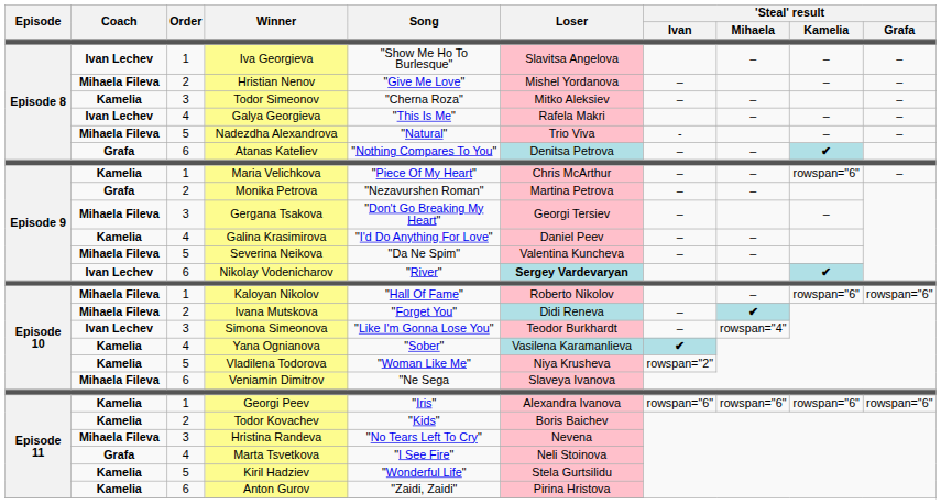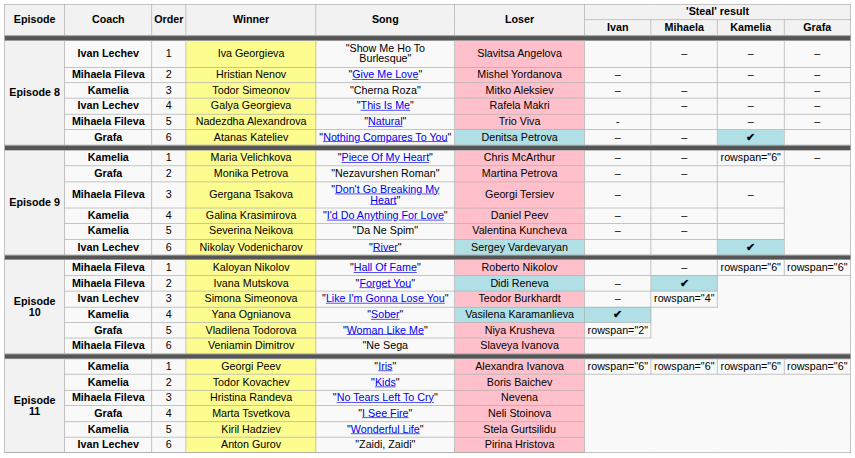 <table class="wikitable" style="text-align:center; line-height:16px; width:100%;">
 <tr>
 <th rowspan="2" style="width:07%;">Episode</th>
 <th rowspan="2" style="width:10%;">Coach</th>
 <th rowspan="2" style="width:02%;">Order</th>
 <th rowspan="2" style="width:15%;">Winner</th>
 <th rowspan="2" style="width:16%;">Song</th>
 <th rowspan="2" style="width:15%;">Loser</th>
 <th colspan="4" style="width:25%;">'Steal' result</th>
 </tr>
 <tr>
 <th style="width:06%;">Ivan</th>
 <th style="width:06%;">Mihaela</th>
 <th style="width:06%;">Kamelia</th>
 <th style="width:06%;">Grafa</th>
 </tr>
 <tr>
 <td colspan="10" style="background:#555;"></td>
 </tr>
 <tr>
 <th rowspan="6">Episode 8<br><small></small></th>
 <td><strong>Ivan Lechev</strong></td>
 <td>1</td>
 <td style="background:#FDFC8F;">Iva Georgieva</td>
 <td>"Show Me Ho To Burlesque"</td>
 <td bgcolor="pink">Slavitsa Angelova</td>
 <td></td>
 <td>–</td>
 <td>–</td>
 <td>–</td>
 </tr>
 <tr>
 <td><strong>Mihaela Fileva</strong></td>
 <td>2</td>
 <td style="background:#FDFC8F;">Hristian Nenov</td>
 <td>"<a href='#'>Give Me Love</a>"</td>
 <td bgcolor="pink">Mishel Yordanova</td>
 <td>–</td>
 <td></td>
 <td>–</td>
 <td>–</td>
 </tr>
 <tr>
 <td><strong>Kamelia</strong></td>
 <td>3</td>
 <td style="background:#FDFC8F;">Todor Simeonov</td>
 <td>"Cherna Roza"</td>
 <td bgcolor="pink">Mitko Aleksiev</td>
 <td>–</td>
 <td>–</td>
 <td></td>
 <td>–</td>
 </tr>
 <tr>
 <td><strong>Ivan Lechev</strong></td>
 <td>4</td>
 <td style="background:#FDFC8F;">Galya Georgieva</td>
 <td>"<a href='#'>This Is Me</a>"</td>
 <td bgcolor="pink">Rafela Makri</td>
 <td></td>
 <td>–</td>
 <td>–</td>
 <td>–</td>
 </tr>
 <tr>
 <td><strong>Mihaela Fileva</strong></td>
 <td>5</td>
 <td style="background:#FDFC8F;">Nadezdha Alexandrova</td>
 <td>"<a href='#'>Natural</a>"</td>
 <td bgcolor="pink">Trio Viva</td>
 <td>-</td>
 <td></td>
 <td>–</td>
 <td>–</td>
 </tr>
 <tr>
 <td><strong>Grafa</strong></td>
 <td>6</td>
 <td style="background:#FDFC8F;">Atanas Kateliev</td>
 <td>"<a href='#'>Nothing Compares To You</a>"</td>
 <td style="background: #b0e0e6;">Denitsa Petrova</td>
 <td>–</td>
 <td>–</td>
 <td style="background: #b0e0e6;"><strong>✔</strong></td>
 <td></td>
 </tr>
 <tr>
 <td colspan="10" style="background:#555;"></td>
 </tr>
 <tr>
 <th rowspan="6">Episode 9<br><small></small></th>
 <td><strong>Kamelia</strong></td>
 <td>1</td>
 <td style="background:#FDFC8F;">Maria Velichkova</td>
 <td>"<a href='#'>Piece Of My Heart</a>"</td>
 <td bgcolor=pink>Chris McArthur</td>
 <td>–</td>
 <td>–</td>
 <td>rowspan="6" </td>
 <td>–</td>
 </tr>
 <tr>
 <td><strong>Grafa</strong></td>
 <td>2</td>
 <td style="background:#FDFC8F;">Monika Petrova</td>
 <td>"Nezavurshen Roman"</td>
 <td bgcolor=pink>Martina Petrova</td>
 <td>–</td>
 <td>–</td>
 <td></td>
 </tr>
 <tr>
 <td><strong>Mihaela Fileva</strong></td>
 <td>3</td>
 <td style="background:#FDFC8F;">Gergana Tsakova</td>
 <td>"<a href='#'>Don't Go Breaking My Heart</a>"</td>
 <td bgcolor=pink>Georgi Tersiev</td>
 <td>–</td>
 <td></td>
 <td>–</td>
 </tr>
 <tr>
 <td><strong>Kamelia</strong></td>
 <td>4</td>
 <td style="background:#FDFC8F;">Galina Krasimirova</td>
 <td>"<a href='#'>I'd Do Anything For Love</a>"</td>
 <td bgcolor=pink>Daniel Peev</td>
 <td>–</td>
 <td>–</td>
 <td></td>
 </tr>
 <tr>
-<td><strong>Mihaela Fileva</strong></td>
+<td><strong>Kamelia</strong></td>
 <td>5</td>
 <td style="background:#FDFC8F;">Severina Neikova</td>
 <td>"Da Ne Spim"</td>
 <td bgcolor="pink">Valentina Kuncheva</td>
 <td>–</td>
 <td>–</td>
 <td></td>
 </tr>
 <tr>
 <td><strong>Ivan Lechev</strong></td>
 <td>6</td>
 <td style="background:#FDFC8F;">Nikolay Vodenicharov</td>
 <td>"<a href='#'>River</a>"</td>
-<td style="background: #b0e0e6;"><strong>Sergey Vardevaryan</strong></td>
+<td style="background: #b0e0e6;">Sergey Vardevaryan</td>
 <td></td>
 <td></td>
 <td style="background: #b0e0e6;"><strong>✔</strong></td>
 </tr>
 <tr>
 <td colspan="10" style="background:#555;"></td>
 </tr>
 <tr>
 <th rowspan="6">Episode 10<br><small></small></th>
 <td><strong>Mihaela Fileva</strong></td>
 <td>1</td>
 <td style="background:#FDFC8F;">Kaloyan Nikolov</td>
 <td>"<a href='#'>Hall Of Fame</a>"</td>
 <td bgcolor=pink>Roberto Nikolov</td>
 <td></td>
 <td>–</td>
 <td>rowspan="6" </td>
 <td>rowspan="6" </td>
 </tr>
 <tr>
 <td><strong>Mihaela Fileva</strong></td>
 <td>2</td>
 <td style="background:#FDFC8F;">Ivana Mutskova</td>
 <td>"<a href='#'>Forget You</a>"</td>
 <td style="background:#b0e0e6;">Didi Reneva</td>
 <td>–</td>
 <td style="background:#b0e0e6;"><strong>✔</strong></td>
 </tr>
 <tr>
 <td><strong>Ivan Lechev</strong></td>
 <td>3</td>
 <td style="background:#FDFC8F;">Simona Simeonova</td>
 <td>"<a href='#'>Like I'm Gonna Lose You</a>"</td>
 <td bgcolor=pink>Teodor Burkhardt</td>
 <td>–</td>
 <td>rowspan="4" </td>
 </tr>
 <tr>
 <td><strong>Kamelia</strong></td>
 <td>4</td>
 <td style="background:#FDFC8F;">Yana Ognianova</td>
 <td>"<a href='#'>Sober</a>"</td>
 <td style="background: #b0e0e6;">Vasilena Karamanlieva</td>
 <td style="background: #b0e0e6;"><strong>✔</strong></td>
 </tr>
 <tr>
-<td><strong>Kamelia</strong></td>
+<td><strong>Grafa</strong></td>
 <td>5</td>
 <td style="background:#FDFC8F;">Vladilena Todorova</td>
 <td>"<a href='#'>Woman Like Me</a>"</td>
 <td bgcolor=pink>Niya Krusheva</td>
 <td>rowspan="2" </td>
 </tr>
 <tr>
 <td><strong>Mihaela Fileva</strong></td>
 <td>6</td>
 <td style="background:#FDFC8F;">Veniamin Dimitrov</td>
 <td>"Ne Sega</td>
 <td bgcolor=pink>Slaveya Ivanova</td>
 </tr>
 <tr>
 <td colspan="10" style="background:#555;"></td>
 </tr>
 <tr>
 <th rowspan="6">Episode 11<br><small></small></th>
 <td><strong>Kamelia</strong></td>
 <td>1</td>
 <td style="background:#FDFC8F;">Georgi Peev</td>
 <td>"<a href='#'>Iris</a>"</td>
 <td bgcolor=pink>Alexandra Ivanova</td>
 <td>rowspan="6" </td>
 <td>rowspan="6" </td>
 <td>rowspan="6" </td>
 <td>rowspan="6" </td>
 </tr>
 <tr>
 <td><strong>Kamelia</strong></td>
 <td>2</td>
 <td style="background:#FDFC8F;">Todor Kovachev</td>
 <td>"<a href='#'>Kids</a>"</td>
 <td bgcolor=pink>Boris Baichev</td>
 </tr>
 <tr>
 <td><strong>Mihaela Fileva</strong></td>
 <td>3</td>
 <td style="background:#FDFC8F;">Hristina Randeva</td>
 <td>"<a href='#'>No Tears Left To Cry</a>"</td>
 <td bgcolor=pink>Nevena</td>
 </tr>
 <tr>
 <td><strong>Grafa</strong></td>
 <td>4</td>
 <td style="background:#FDFC8F;">Marta Tsvetkova</td>
 <td>"<a href='#'>I See Fire</a>"</td>
 <td bgcolor=pink>Neli Stoinova</td>
 </tr>
 <tr>
 <td><strong>Kamelia</strong></td>
 <td>5</td>
 <td style="background:#FDFC8F;">Kiril Hadziev</td>
 <td>"<a href='#'>Wonderful Life</a>"</td>
 <td bgcolor=pink>Stela Gurtsilidu</td>
 </tr>
 <tr>
-<td><strong>Kamelia</strong></td>
+<td><strong>Ivan Lechev</strong></td>
 <td>6</td>
 <td style="background:#FDFC8F;">Anton Gurov</td>
 <td>"Zaidi, Zaidi"</td>
 <td bgcolor=pink>Pirina Hristova</td>
 </tr>
 <tr>
 </tr>
 </table>
